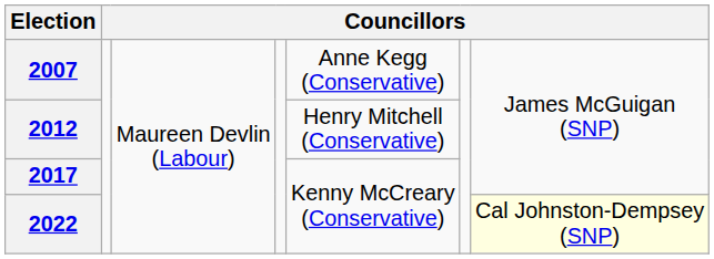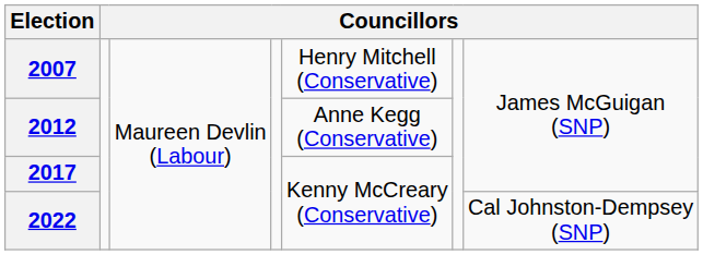 <table class="wikitable" style="text-align:center">
 <tr>
 <th>Election</th>
 <th colspan=8>Councillors</th>
 </tr>
 <tr>
 <th><a href='#'>2007</a></th>
 <td rowspan=4; style="background-color: "></td>
 <td rowspan=4>Maureen Devlin<br>(<a href='#'>Labour</a>)</td>
 <td rowspan=4; style="background-color: "></td>
-<td rowspan=1>Anne Kegg<br>(<a href='#'>Conservative</a>)</td>
+<td rowspan=1>Henry Mitchell<br>(<a href='#'>Conservative</a>)</td>
 <td rowspan=4; style="background-color: "></td>
 <td rowspan=3>James McGuigan<br>(<a href='#'>SNP</a>)</td>
 </tr>
 <tr>
 <th><a href='#'>2012</a></th>
-<td rowspan=1>Henry Mitchell<br>(<a href='#'>Conservative</a>)</td>
+<td rowspan=1>Anne Kegg<br>(<a href='#'>Conservative</a>)</td>
 </tr>
 <tr>
 <th><a href='#'>2017</a></th>
 <td rowspan=2>Kenny McCreary<br>(<a href='#'>Conservative</a>)</td>
 </tr>
 <tr>
 <th><a href='#'>2022</a></th>
-<td rowspan=1 style="background: lightyellow;">Cal Johnston-Dempsey<br>(<a href='#'>SNP</a>)</td>
+<td rowspan=1>Cal Johnston-Dempsey<br>(<a href='#'>SNP</a>)</td>
 </tr>
 </table>
